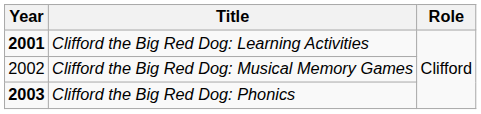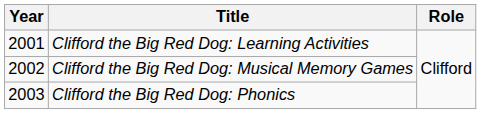 <table class="wikitable sortable">
 <tr>
 <th>Year</th>
 <th>Title</th>
 <th>Role</th>
 </tr>
 <tr>
-<td><strong>2001</strong></td>
+<td>2001</td>
 <td><em>Clifford the Big Red Dog: Learning Activities</em></td>
 <td rowspan=3>Clifford</td>
 </tr>
 <tr>
 <td>2002</td>
 <td><em>Clifford the Big Red Dog: Musical Memory Games</em></td>
 </tr>
 <tr>
-<td><strong>2003</strong></td>
+<td>2003</td>
 <td><em>Clifford the Big Red Dog: Phonics</em></td>
 </tr>
 </table>
